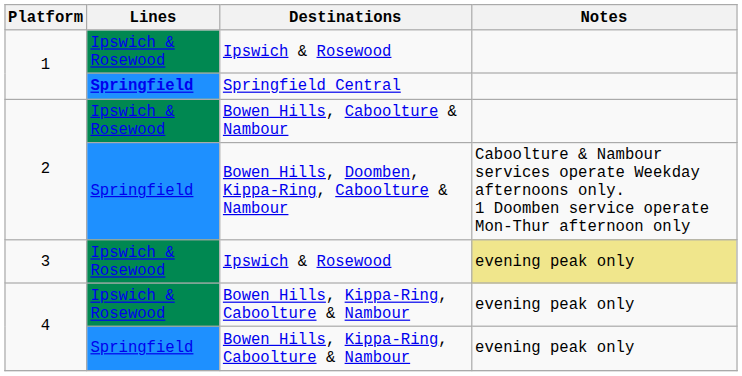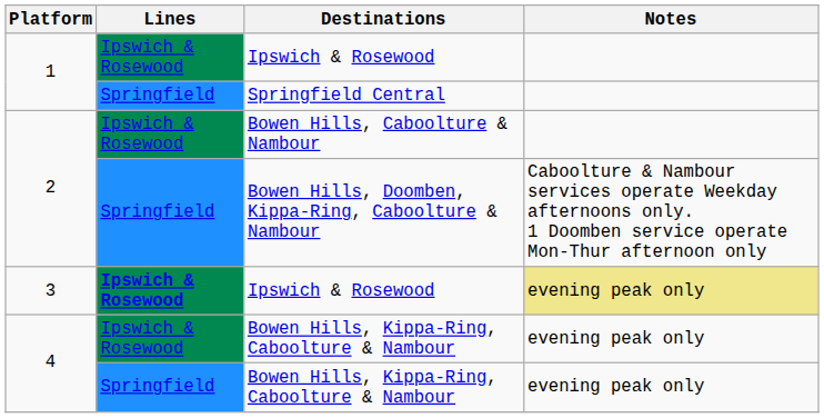 <table class="wikitable" style="float: none; margin: 0.5em; ">
 <tr>
 <th>Platform</th>
 <th>Lines</th>
 <th>Destinations</th>
 <th>Notes</th>
 </tr>
 <tr>
 <td rowspan="2" style="text-align:center;">1</td>
 <td style=background:#008851><a href='#'><span>Ipswich & Rosewood</span></a></td>
 <td><a href='#'>Ipswich</a> & <a href='#'>Rosewood</a></td>
 <td></td>
 </tr>
 <tr>
-<td style=background:#1e90ff><strong><a href='#'><span>Springfield</span></a></strong></td>
+<td style=background:#1e90ff><a href='#'><span>Springfield</span></a></td>
 <td><a href='#'>Springfield Central</a></td>
 <td></td>
 </tr>
 <tr>
 <td rowspan="2" style="text-align:center;">2</td>
 <td style=background:#008851><a href='#'><span>Ipswich & Rosewood</span></a></td>
 <td><a href='#'>Bowen Hills</a>, <a href='#'>Caboolture</a> & <a href='#'>Nambour</a></td>
 <td></td>
 </tr>
 <tr>
 <td style=background:#1e90ff><a href='#'><span>Springfield</span></a></td>
 <td><a href='#'>Bowen Hills</a>, <a href='#'>Doomben</a>, <a href='#'>Kippa-Ring</a>, <a href='#'>Caboolture</a> & <a href='#'>Nambour</a></td>
 <td>Caboolture & Nambour services operate Weekday afternoons only.<br>1 Doomben service operate Mon-Thur afternoon only</td>
 </tr>
 <tr>
 <td rowspan="1" style="text-align:center;">3</td>
-<td style=background:#008851><a href='#'><span>Ipswich & Rosewood</span></a></td>
+<td style=background:#008851><strong><a href='#'><span>Ipswich & Rosewood</span></a></strong></td>
 <td><a href='#'>Ipswich</a> & <a href='#'>Rosewood</a></td>
 <td style="background: khaki;">evening peak only</td>
 </tr>
 <tr>
 <td rowspan="2" style="text-align:center;">4</td>
 <td style=background:#008851><a href='#'><span>Ipswich & Rosewood</span></a></td>
 <td><a href='#'>Bowen Hills</a>, <a href='#'>Kippa-Ring</a>, <a href='#'>Caboolture</a> & <a href='#'>Nambour</a></td>
 <td>evening peak only</td>
 </tr>
 <tr>
 <td style=background:#1e90ff><a href='#'><span>Springfield</span></a></td>
 <td><a href='#'>Bowen Hills</a>, <a href='#'>Kippa-Ring</a>, <a href='#'>Caboolture</a> & <a href='#'>Nambour</a></td>
 <td>evening peak only</td>
 </tr>
 <tr>
 </tr>
 </table>
